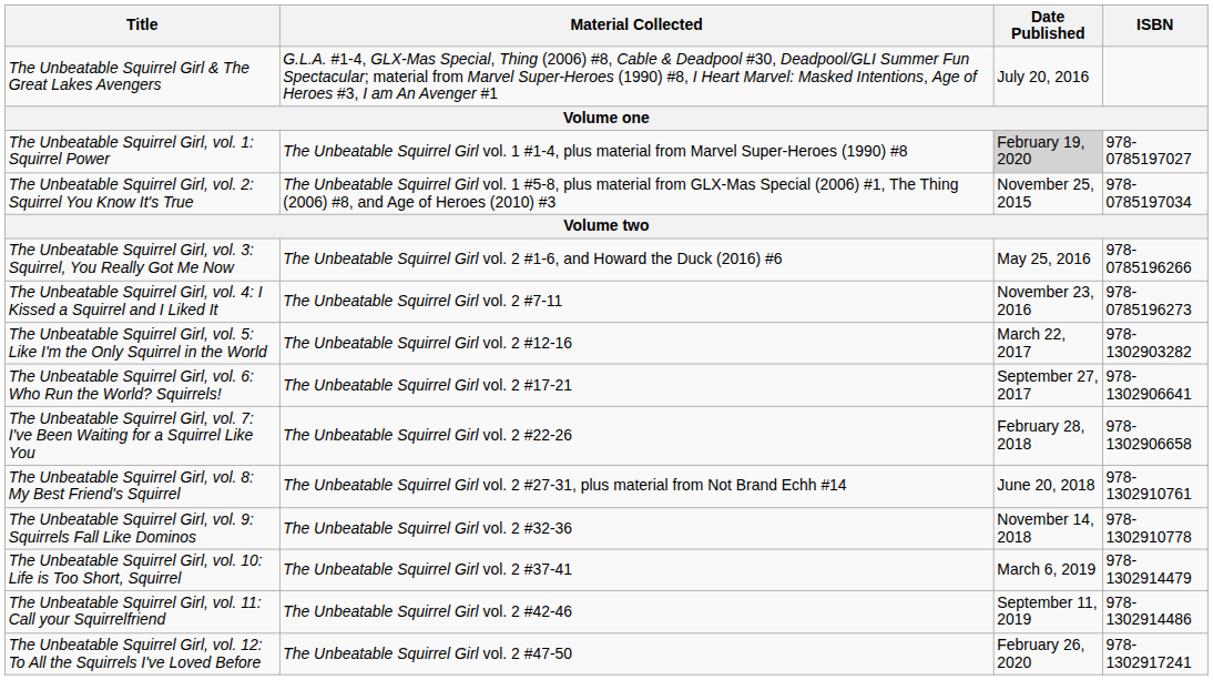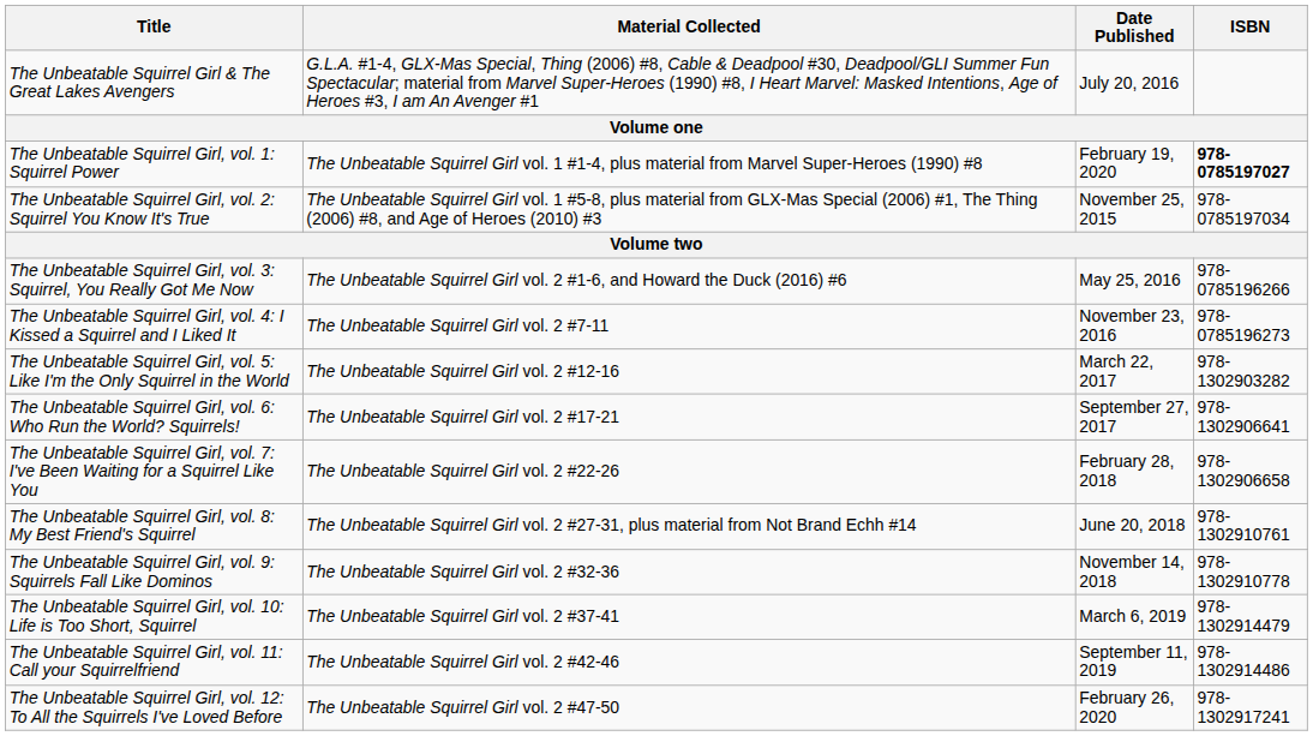 <table class="wikitable">
 <tr>
 <th>Title</th>
 <th>Material Collected</th>
 <th>Date Published</th>
 <th>ISBN</th>
 </tr>
 <tr>
 <td><em>The Unbeatable Squirrel Girl & The Great Lakes Avengers</em></td>
 <td><em>G.L.A.</em> #1-4, <em>GLX-Mas Special</em>, <em>Thing</em> (2006) #8, <em>Cable & Deadpool</em> #30, <em>Deadpool/GLI Summer Fun Spectacular</em>; material from <em>Marvel Super-Heroes</em> (1990) #8, <em>I Heart Marvel: Masked Intentions</em>, <em>Age of Heroes</em> #3, <em>I am An Avenger</em> #1</td>
 <td>July 20, 2016</td>
 <td></td>
 </tr>
 <tr>
 <th colspan="4">Volume one</th>
 </tr>
 <tr>
 <td><em>The Unbeatable Squirrel Girl, vol. 1: Squirrel Power</em></td>
 <td><em>The Unbeatable Squirrel Girl</em> vol. 1 #1-4, plus material from Marvel Super-Heroes (1990) #8</td>
-<td style="background: lightgrey;">February 19, 2020</td>
-<td>978-0785197027</td>
+<td>February 19, 2020</td>
+<td><strong>978-0785197027</strong></td>
 </tr>
 <tr>
 <td><em>The Unbeatable Squirrel Girl, vol. 2: Squirrel You Know It's True</em></td>
 <td><em>The Unbeatable Squirrel Girl</em> vol. 1 #5-8, plus material from  GLX-Mas Special (2006) #1, The Thing (2006) #8, and Age of Heroes (2010) #3</td>
 <td>November 25, 2015</td>
 <td>978-0785197034</td>
 </tr>
 <tr>
 <th colspan="4">Volume two</th>
 </tr>
 <tr>
 <td><em>The Unbeatable Squirrel Girl, vol. 3: Squirrel, You Really Got Me Now</em></td>
 <td><em>The Unbeatable Squirrel Girl</em> vol. 2 #1-6, and Howard the Duck (2016) #6</td>
 <td>May 25, 2016</td>
 <td>978-0785196266</td>
 </tr>
 <tr>
 <td><em>The Unbeatable Squirrel Girl, vol. 4: I Kissed a Squirrel and I Liked It</em></td>
 <td><em>The Unbeatable Squirrel Girl</em> vol. 2 #7-11</td>
 <td>November 23, 2016</td>
 <td>978-0785196273</td>
 </tr>
 <tr>
 <td><em>The Unbeatable Squirrel Girl, vol. 5: Like I'm the Only Squirrel in the World</em></td>
 <td><em>The Unbeatable Squirrel Girl</em> vol. 2 #12-16</td>
 <td>March 22, 2017</td>
 <td>978-1302903282</td>
 </tr>
 <tr>
 <td><em>The Unbeatable Squirrel Girl, vol. 6: Who Run the World? Squirrels!</em></td>
 <td><em>The Unbeatable Squirrel Girl</em> vol. 2 #17-21</td>
 <td>September 27, 2017</td>
 <td>978-1302906641</td>
 </tr>
 <tr>
 <td><em>The Unbeatable Squirrel Girl, vol. 7: I've Been Waiting for a Squirrel Like You</em></td>
 <td><em>The Unbeatable Squirrel Girl</em> vol. 2 #22-26</td>
 <td>February 28, 2018</td>
 <td>978-1302906658</td>
 </tr>
 <tr>
 <td><em>The Unbeatable Squirrel Girl, vol. 8: My Best Friend's Squirrel</em></td>
 <td><em>The Unbeatable Squirrel Girl</em> vol. 2 #27-31, plus material from  Not Brand Echh #14</td>
 <td>June 20, 2018</td>
 <td>978-1302910761</td>
 </tr>
 <tr>
 <td><em>The Unbeatable Squirrel Girl, vol. 9: Squirrels Fall Like Dominos</em></td>
 <td><em>The Unbeatable Squirrel Girl</em> vol. 2 #32-36</td>
 <td>November 14, 2018</td>
 <td>978-1302910778</td>
 </tr>
 <tr>
 <td><em>The Unbeatable Squirrel Girl, vol. 10: Life is Too Short, Squirrel</em></td>
 <td><em>The Unbeatable Squirrel Girl</em> vol. 2 #37-41</td>
 <td>March 6, 2019</td>
 <td>978-1302914479</td>
 </tr>
 <tr>
 <td><em>The Unbeatable Squirrel Girl, vol. 11: Call your Squirrelfriend</em></td>
 <td><em>The Unbeatable Squirrel Girl</em> vol. 2 #42-46</td>
 <td>September 11, 2019</td>
 <td>978-1302914486</td>
 </tr>
 <tr>
 <td><em>The Unbeatable Squirrel Girl, vol. 12: To All the Squirrels I've Loved Before</em></td>
 <td><em>The Unbeatable Squirrel Girl</em> vol. 2 #47-50</td>
 <td>February 26, 2020</td>
 <td>978-1302917241</td>
 </tr>
 </table>
